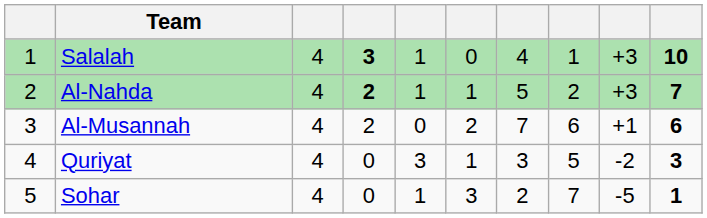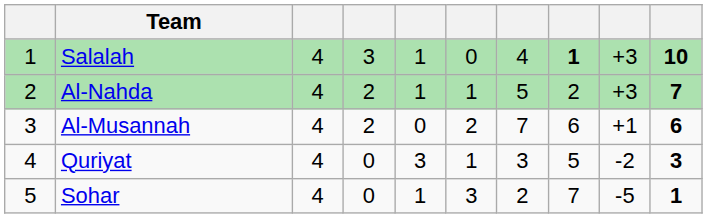 <table class="wikitable" style="text-align: center;">
 <tr>
 <th width=30></th>
 <th width=165>Team</th>
 <th width=30></th>
 <th width=30></th>
 <th width=30></th>
 <th width=30></th>
 <th width=30></th>
 <th width=30></th>
 <th width=30></th>
 <th width=30></th>
 </tr>
 <tr bgcolor=#ACE1AF>
 <td>1</td>
 <td align=left><a href='#'>Salalah</a></td>
 <td>4</td>
-<td><strong>3</strong></td>
+<td>3</td>
 <td>1</td>
 <td>0</td>
 <td>4</td>
-<td>1</td>
+<td><strong>1</strong></td>
 <td>+3</td>
 <td><strong>10</strong></td>
 </tr>
 <tr bgcolor=#ACE1AF>
 <td>2</td>
 <td align=left><a href='#'>Al-Nahda</a></td>
 <td>4</td>
-<td><strong>2</strong></td>
+<td>2</td>
 <td>1</td>
 <td>1</td>
 <td>5</td>
 <td>2</td>
 <td>+3</td>
 <td><strong>7</strong></td>
 </tr>
 <tr>
 <td>3</td>
 <td align=left><a href='#'>Al-Musannah</a></td>
 <td>4</td>
 <td>2</td>
 <td>0</td>
 <td>2</td>
 <td>7</td>
 <td>6</td>
 <td>+1</td>
 <td><strong>6</strong></td>
 </tr>
 <tr>
 <td>4</td>
 <td align=left><a href='#'>Quriyat</a></td>
 <td>4</td>
 <td>0</td>
 <td>3</td>
 <td>1</td>
 <td>3</td>
 <td>5</td>
 <td>-2</td>
 <td><strong>3</strong></td>
 </tr>
 <tr>
 <td>5</td>
 <td align=left><a href='#'>Sohar</a></td>
 <td>4</td>
 <td>0</td>
 <td>1</td>
 <td>3</td>
 <td>2</td>
 <td>7</td>
 <td>-5</td>
 <td><strong>1</strong></td>
 </tr>
 </table>
